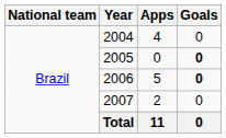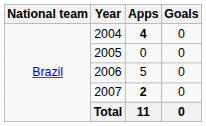 <table class="wikitable" style="text-align:center">
 <tr>
 <th>National team</th>
 <th>Year</th>
 <th>Apps</th>
 <th>Goals</th>
 </tr>
 <tr>
 <td rowspan="5"><a href='#'>Brazil</a></td>
 <td>2004</td>
-<td>4</td>
+<td><strong>4</strong></td>
 <td>0</td>
 </tr>
 <tr>
 <td>2005</td>
 <td>0</td>
-<td><strong>0</strong></td>
+<td>0</td>
 </tr>
 <tr>
 <td>2006</td>
 <td>5</td>
-<td><strong>0</strong></td>
+<td>0</td>
 </tr>
 <tr>
 <td>2007</td>
-<td>2</td>
+<td><strong>2</strong></td>
 <td>0</td>
 </tr>
 <tr>
 <th>Total</th>
 <th>11</th>
 <th>0</th>
 </tr>
 </table>
